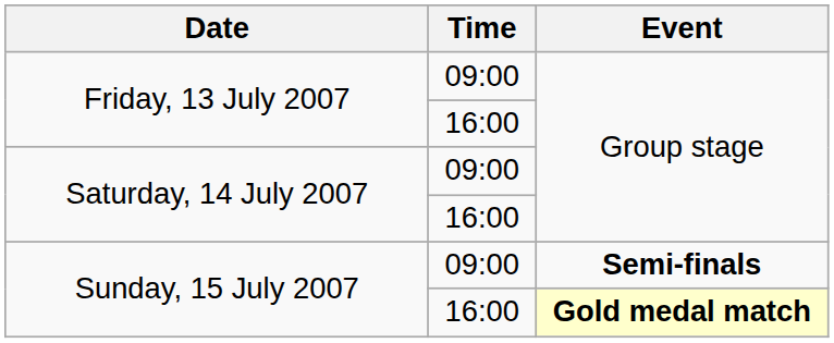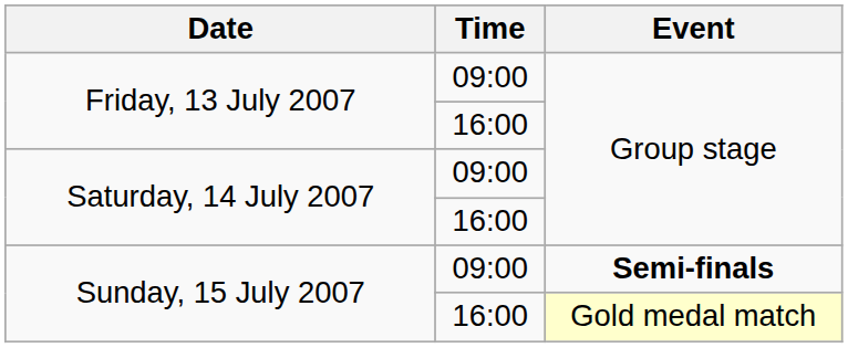 <table class = "wikitable" style="text-align:center;">
 <tr>
 <th width=220>Date</th>
 <th width=50>Time</th>
 <th width=150>Event</th>
 </tr>
 <tr>
 <td rowspan="2">Friday, 13 July 2007</td>
 <td>09:00</td>
 <td rowspan="4">Group stage</td>
 </tr>
 <tr>
 <td>16:00</td>
 </tr>
 <tr>
 <td rowspan="2">Saturday, 14 July 2007</td>
 <td>09:00</td>
 </tr>
 <tr>
 <td>16:00</td>
 </tr>
 <tr>
 <td rowspan="2">Sunday, 15 July 2007</td>
 <td>09:00</td>
 <td><strong>Semi-finals</strong></td>
 </tr>
 <tr>
 <td>16:00</td>
-<td bgcolor="ffffcc"><strong>Gold medal match</strong></td>
+<td bgcolor="ffffcc">Gold medal match</td>
 </tr>
 </table>
